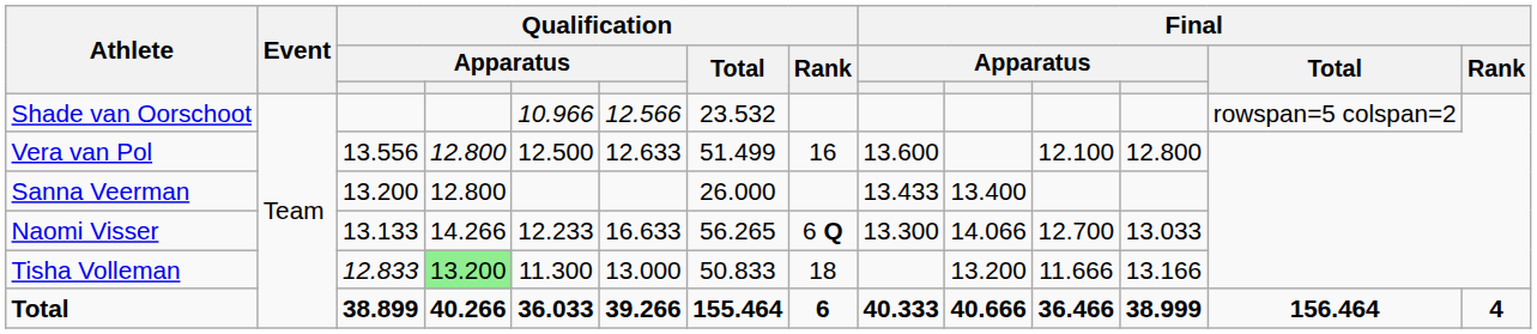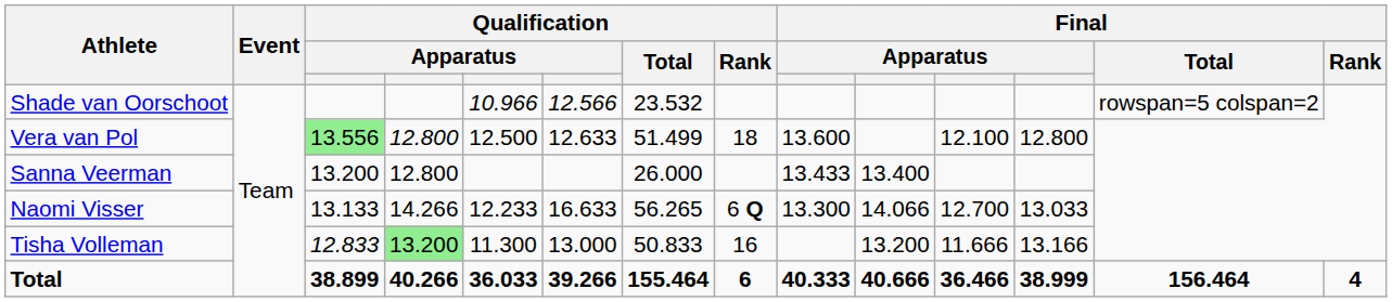 <table class="wikitable" style="font-size:90%">
 <tr>
 <th rowspan=3>Athlete</th>
 <th rowspan=3>Event</th>
 <th colspan=6>Qualification</th>
 <th colspan=6>Final</th>
 </tr>
 <tr style="font-size:95%">
 <th colspan=4>Apparatus</th>
 <th rowspan=2>Total</th>
 <th rowspan=2>Rank</th>
 <th colspan=4>Apparatus</th>
 <th rowspan=2>Total</th>
 <th rowspan=2>Rank</th>
 </tr>
 <tr style="font-size:95%">
 <th></th>
 <th></th>
 <th></th>
 <th></th>
 <th></th>
 <th></th>
 <th></th>
 <th></th>
 </tr>
 <tr align=center>
 <td align=left><a href='#'>Shade van Oorschoot</a></td>
 <td align=left rowspan=6>Team</td>
 <td></td>
 <td></td>
 <td><em>10.966</em></td>
 <td><em>12.566</em></td>
 <td>23.532</td>
 <td></td>
 <td></td>
 <td></td>
 <td></td>
 <td></td>
 <td>rowspan=5 colspan=2</td>
 </tr>
 <tr align=center>
 <td align=left><a href='#'>Vera van Pol</a></td>
-<td>13.556</td>
+<td style="background: lightgreen;">13.556</td>
 <td><em>12.800</em></td>
 <td>12.500</td>
 <td>12.633</td>
 <td>51.499</td>
-<td>16</td>
+<td>18</td>
 <td>13.600</td>
 <td></td>
 <td>12.100</td>
 <td>12.800</td>
 </tr>
 <tr align=center>
 <td align=left><a href='#'>Sanna Veerman</a></td>
 <td>13.200</td>
 <td>12.800</td>
 <td></td>
 <td></td>
 <td>26.000</td>
 <td></td>
 <td>13.433</td>
 <td>13.400</td>
 <td></td>
 <td></td>
 </tr>
 <tr align=center>
 <td align=left><a href='#'>Naomi Visser</a></td>
 <td>13.133</td>
 <td>14.266</td>
 <td>12.233</td>
 <td>16.633</td>
 <td>56.265</td>
 <td>6 <strong>Q</strong></td>
 <td>13.300</td>
 <td>14.066</td>
 <td>12.700</td>
 <td>13.033</td>
 </tr>
 <tr align=center>
 <td align=left><a href='#'>Tisha Volleman</a></td>
 <td><em>12.833</em></td>
 <td style="background: lightgreen;">13.200</td>
 <td>11.300</td>
 <td>13.000</td>
 <td>50.833</td>
-<td>18</td>
+<td>16</td>
 <td></td>
 <td>13.200</td>
 <td>11.666</td>
 <td>13.166</td>
 </tr>
 <tr align=center>
 <td align=left><strong>Total</strong></td>
 <td><strong>38.899</strong></td>
 <td><strong>40.266</strong></td>
 <td><strong>36.033</strong></td>
 <td><strong>39.266</strong></td>
 <td><strong>155.464</strong></td>
 <td><strong>6</strong></td>
 <td><strong>40.333</strong></td>
 <td><strong>40.666</strong></td>
 <td><strong>36.466</strong></td>
 <td><strong>38.999</strong></td>
 <td><strong>156.464</strong></td>
 <td><strong>4</strong></td>
 </tr>
 </table>
